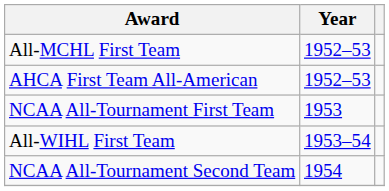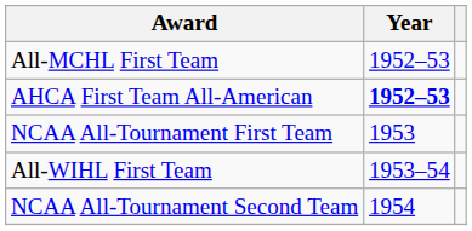 <table class="wikitable">
 <tr>
 <th>Award</th>
 <th>Year</th>
 <th></th>
 </tr>
 <tr>
 <td>All-<a href='#'>MCHL</a> <a href='#'>First Team</a></td>
 <td><a href='#'>1952–53</a></td>
 <td></td>
 </tr>
 <tr>
 <td><a href='#'>AHCA</a> <a href='#'>First Team All-American</a></td>
-<td><a href='#'>1952–53</a></td>
+<td><strong><a href='#'>1952–53</a></strong></td>
 <td></td>
 </tr>
 <tr>
 <td><a href='#'>NCAA</a> <a href='#'>All-Tournament First Team</a></td>
 <td><a href='#'>1953</a></td>
 <td></td>
 </tr>
 <tr>
 <td>All-<a href='#'>WIHL</a> <a href='#'>First Team</a></td>
 <td><a href='#'>1953–54</a></td>
 <td></td>
 </tr>
 <tr>
 <td><a href='#'>NCAA</a> <a href='#'>All-Tournament Second Team</a></td>
 <td><a href='#'>1954</a></td>
 <td></td>
 </tr>
 <tr>
 </tr>
 </table>
